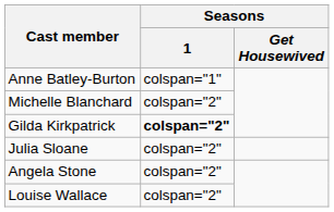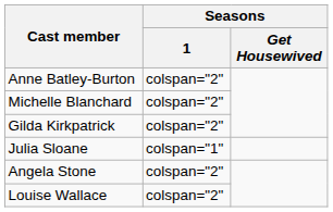 <table class="wikitable plainrowheaders" width="40%">
 <tr>
 <th rowspan="2" style="width:10%;">Cast member</th>
 <th colspan="2">Seasons</th>
 </tr>
 <tr>
 <th style="width:10%;">1</th>
 <th style="width:10%;"><em>Get Housewived</em></th>
 </tr>
 <tr>
 <td nowrap>Anne Batley-Burton</td>
-<td>colspan="1" </td>
+<td>colspan="2" </td>
 </tr>
 <tr>
 <td>Michelle Blanchard</td>
 <td>colspan="2" </td>
 </tr>
 <tr>
 <td>Gilda Kirkpatrick</td>
-<td><strong>colspan="2" </strong></td>
+<td>colspan="2" </td>
 </tr>
 <tr>
 <td>Julia Sloane</td>
-<td>colspan="2" </td>
+<td>colspan="1" </td>
 <td></td>
 </tr>
 <tr>
 <td>Angela Stone</td>
 <td>colspan="2" </td>
 </tr>
 <tr>
 <td>Louise Wallace</td>
 <td>colspan="2" </td>
 </tr>
 </table>
